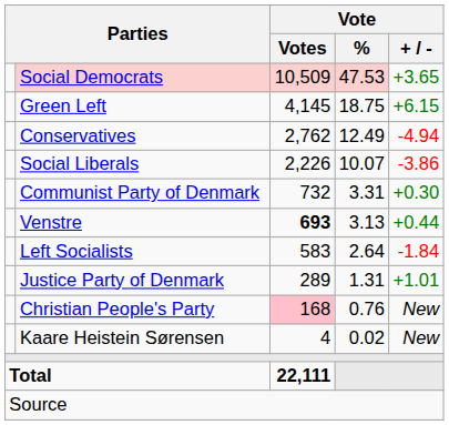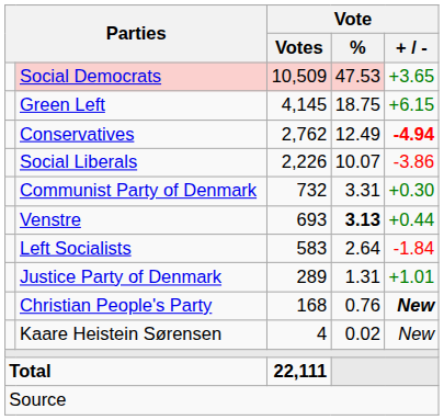 <table class="wikitable" style="text-align:right;">
 <tr>
 <th style="text-align:centre;" rowspan="2" colspan="2" width="225">Parties</th>
 <th colspan="3">Vote</th>
 </tr>
 <tr>
 <th width="15">Votes</th>
 <th width="15">%</th>
 <th width="15">+ / -</th>
 </tr>
 <tr>
 <td width="2" style="color:inherit;background:"></td>
 <td bgcolor=#fbd0ce  align="left"><a href='#'>Social Democrats</a></td>
 <td bgcolor=#fbd0ce>10,509</td>
 <td bgcolor=#fbd0ce>47.53</td>
 <td style=color:green;>+3.65</td>
 </tr>
 <tr>
 <td width="2" style="color:inherit;background:"></td>
 <td align="left"><a href='#'>Green Left</a></td>
 <td>4,145</td>
 <td>18.75</td>
 <td style=color:green;>+6.15</td>
 </tr>
 <tr>
 <td width="2" style="color:inherit;background:"></td>
 <td align="left"><a href='#'>Conservatives</a></td>
 <td>2,762</td>
 <td>12.49</td>
-<td style=color:red;>-4.94</td>
+<td style=color:red;><strong>-4.94</strong></td>
 </tr>
 <tr>
 <td width="2" style="color:inherit;background:"></td>
 <td align="left"><a href='#'>Social Liberals</a></td>
 <td>2,226</td>
 <td>10.07</td>
 <td style=color:red;>-3.86</td>
 </tr>
 <tr>
 <td width="2" style="color:inherit;background:"></td>
 <td align="left"><a href='#'>Communist Party of Denmark</a></td>
 <td>732</td>
 <td>3.31</td>
 <td style=color:green;>+0.30</td>
 </tr>
 <tr>
 <td width="2" style="color:inherit;background:"></td>
 <td align="left"><a href='#'>Venstre</a></td>
-<td><strong>693</strong></td>
-<td>3.13</td>
+<td>693</td>
+<td><strong>3.13</strong></td>
 <td style=color:green;>+0.44</td>
 </tr>
 <tr>
 <td width="2" style="color:inherit;background:"></td>
 <td align="left"><a href='#'>Left Socialists</a></td>
 <td>583</td>
 <td>2.64</td>
 <td style=color:red;>-1.84</td>
 </tr>
 <tr>
 <td width="2" style="color:inherit;background:"></td>
 <td align="left"><a href='#'>Justice Party of Denmark</a></td>
 <td>289</td>
 <td>1.31</td>
 <td style=color:green;>+1.01</td>
 </tr>
 <tr>
 <td width="2" style="color:inherit;background:"></td>
 <td align="left"><a href='#'>Christian People's Party</a></td>
-<td style="background: pink;">168</td>
+<td>168</td>
 <td>0.76</td>
-<td><em>New</em></td>
+<td><strong><em>New</em></strong></td>
 </tr>
 <tr>
 <td width="2" style="color:inherit;background:"></td>
 <td align="left">Kaare Heistein Sørensen</td>
 <td>4</td>
 <td>0.02</td>
 <td><em>New</em></td>
 </tr>
 <tr>
 <td colspan="7" bgcolor="#E9E9E9"></td>
 </tr>
 <tr>
 <td align="left" colspan="2"><strong>Total</strong></td>
 <td><strong>22,111</strong></td>
 <td bgcolor="#E9E9E9" colspan="2"></td>
 </tr>
 <tr>
 <td align="left" colspan="6">Source</td>
 </tr>
 </table>
